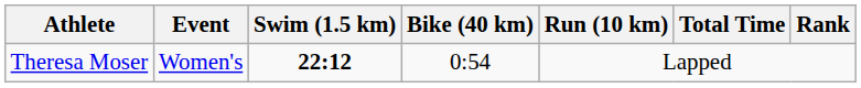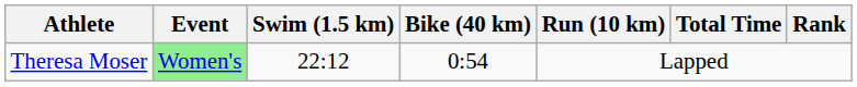 <table class="wikitable" style="font-size:90%">
 <tr>
 <th>Athlete</th>
 <th>Event</th>
 <th>Swim (1.5 km)</th>
 <th>Bike (40 km)</th>
 <th>Run (10 km)</th>
 <th>Total Time</th>
 <th>Rank</th>
 </tr>
 <tr align=center>
 <td align=left><a href='#'>Theresa Moser</a></td>
-<td align=left><a href='#'>Women's</a></td>
-<td><strong>22:12</strong></td>
+<td align=left style="background: lightgreen;"><a href='#'>Women's</a></td>
+<td>22:12</td>
 <td>0:54</td>
 <td colspan=3>Lapped</td>
 </tr>
 </table>
